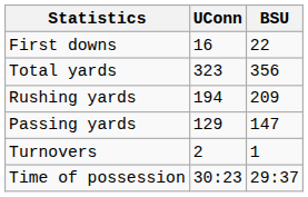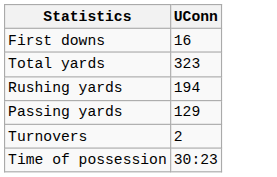 <table class="wikitable">
 <tr>
 <th>Statistics</th>
 <th>UConn</th>
-<th>BSU</th>
 </tr>
 <tr>
 <td>First downs</td>
 <td>16</td>
-<td>22</td>
 </tr>
 <tr>
 <td>Total yards</td>
 <td>323</td>
-<td>356</td>
 </tr>
 <tr>
 <td>Rushing yards</td>
 <td>194</td>
-<td>209</td>
 </tr>
 <tr>
 <td>Passing yards</td>
 <td>129</td>
-<td>147</td>
 </tr>
 <tr>
 <td>Turnovers</td>
 <td>2</td>
-<td>1</td>
 </tr>
 <tr>
 <td>Time of possession</td>
 <td>30:23</td>
-<td>29:37</td>
 </tr>
 </table>
